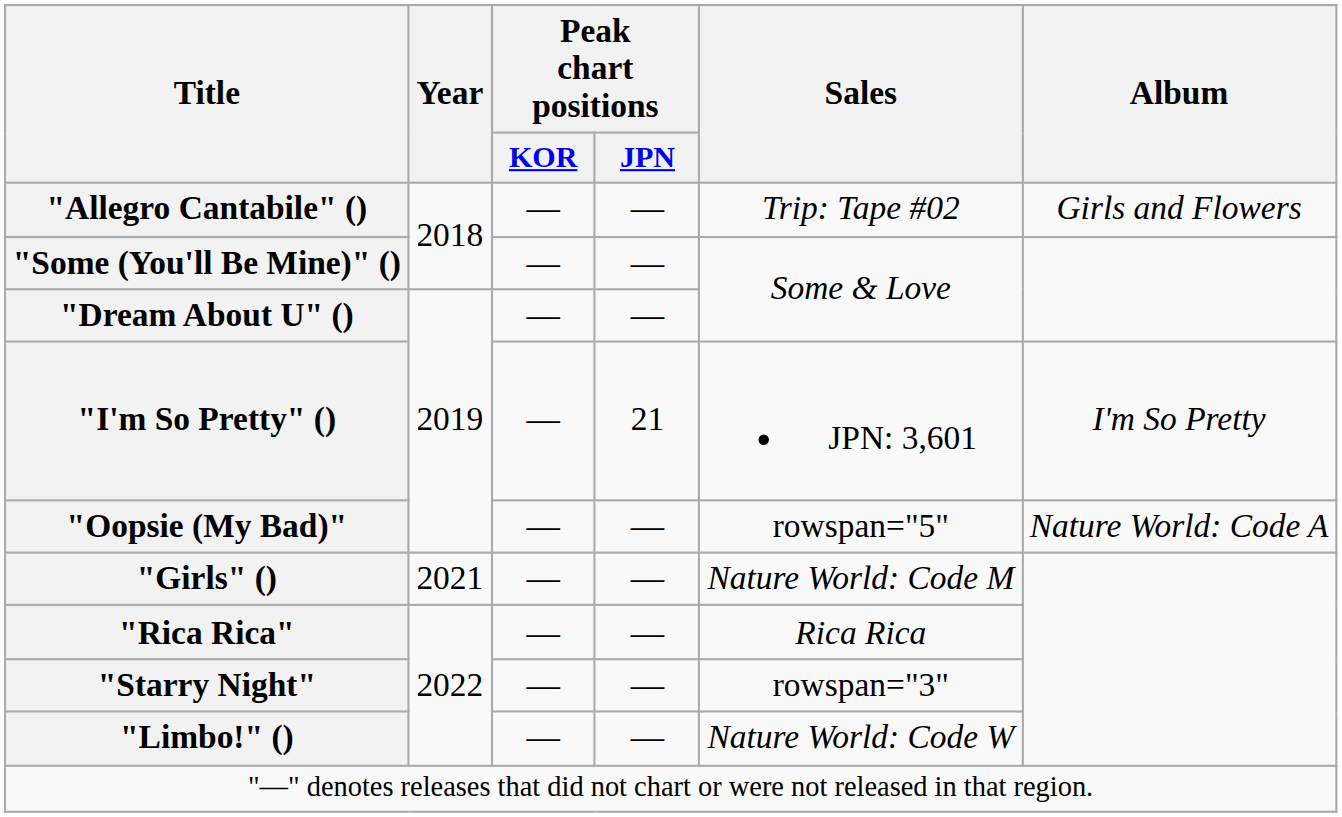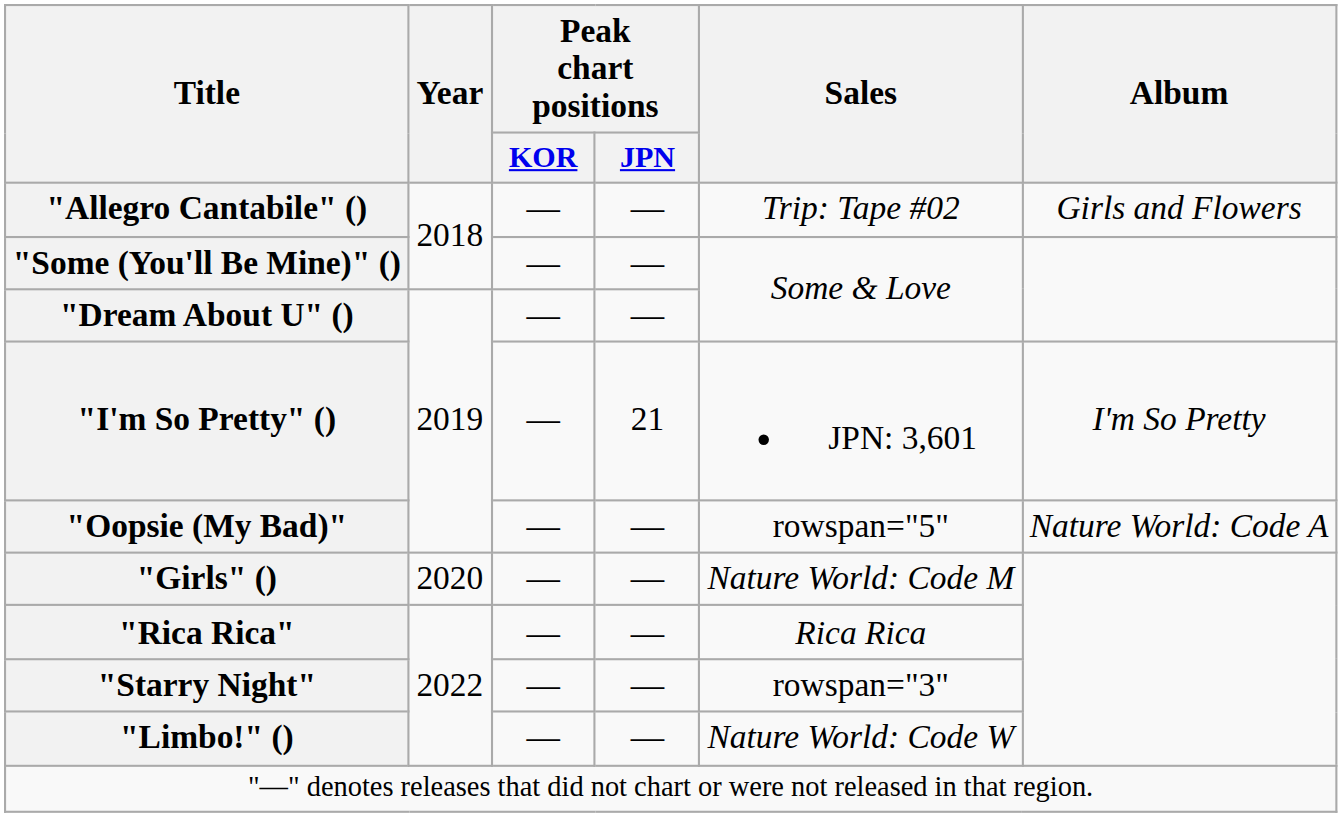 <table class="wikitable plainrowheaders" style="text-align:center;">
 <tr>
 <th scope="col" rowspan="2">Title</th>
 <th scope="col" rowspan="2">Year</th>
 <th scope="col" colspan="2" style="width:5em;">Peak<br>chart<br>positions</th>
 <th scope="col" rowspan="2">Sales</th>
 <th scope="col" rowspan="2">Album</th>
 </tr>
 <tr>
 <th scope="col" style="width:3em;font-size:90%;"><a href='#'>KOR</a><br></th>
 <th scope="col" style="width:3em;font-size:90%;"><a href='#'>JPN</a><br></th>
 </tr>
 <tr>
 <th scope="row">"Allegro Cantabile" ()</th>
 <td rowspan="2">2018</td>
 <td>—</td>
 <td>—</td>
 <td><em>Trip: Tape #02</em></td>
 <td><em>Girls and Flowers</em></td>
 </tr>
 <tr>
 <th scope="row">"Some (You'll Be Mine)" ()</th>
 <td>—</td>
 <td>—</td>
 <td rowspan="2"><em>Some & Love</em></td>
 </tr>
 <tr>
 <th scope="row">"Dream About U" ()</th>
 <td rowspan="3">2019</td>
 <td>—</td>
 <td>—</td>
 </tr>
 <tr>
 <th scope="row">"I'm So Pretty" ()</th>
 <td>—</td>
 <td>21</td>
 <td><br><ul><li>JPN: 3,601</li></ul></td>
 <td><em>I'm So Pretty</em></td>
 </tr>
 <tr>
 <th scope="row">"Oopsie (My Bad)"</th>
 <td>—</td>
 <td>—</td>
 <td>rowspan="5" </td>
 <td><em>Nature World: Code A</em></td>
 </tr>
 <tr>
 <th scope="row">"Girls" ()</th>
-<td scope="row">2021</td>
+<td scope="row">2020</td>
 <td>—</td>
 <td>—</td>
 <td><em>Nature World: Code M</em></td>
 </tr>
 <tr>
 <th scope="row">"Rica Rica"</th>
 <td rowspan="3">2022</td>
 <td>—</td>
 <td>—</td>
 <td><em>Rica Rica</em></td>
 </tr>
 <tr>
 <th scope="row">"Starry Night"</th>
 <td>—</td>
 <td>—</td>
 <td>rowspan="3" </td>
 </tr>
 <tr>
 <th scope="row">"Limbo!" ()</th>
 <td>—</td>
 <td>—</td>
 <td><em>Nature World: Code W</em></td>
 </tr>
 <tr>
 <td colspan="7" style="font-size:85%">"—" denotes releases that did not chart or were not released in that region.</td>
 </tr>
 </table>
